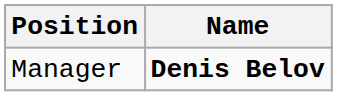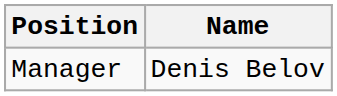 <table class="wikitable" style="text-align:left;">
 <tr>
 <th>Position</th>
 <th>Name</th>
 </tr>
 <tr>
 <td>Manager</td>
-<td><strong> Denis Belov</strong></td>
+<td> Denis Belov</td>
 </tr>
 </table>
